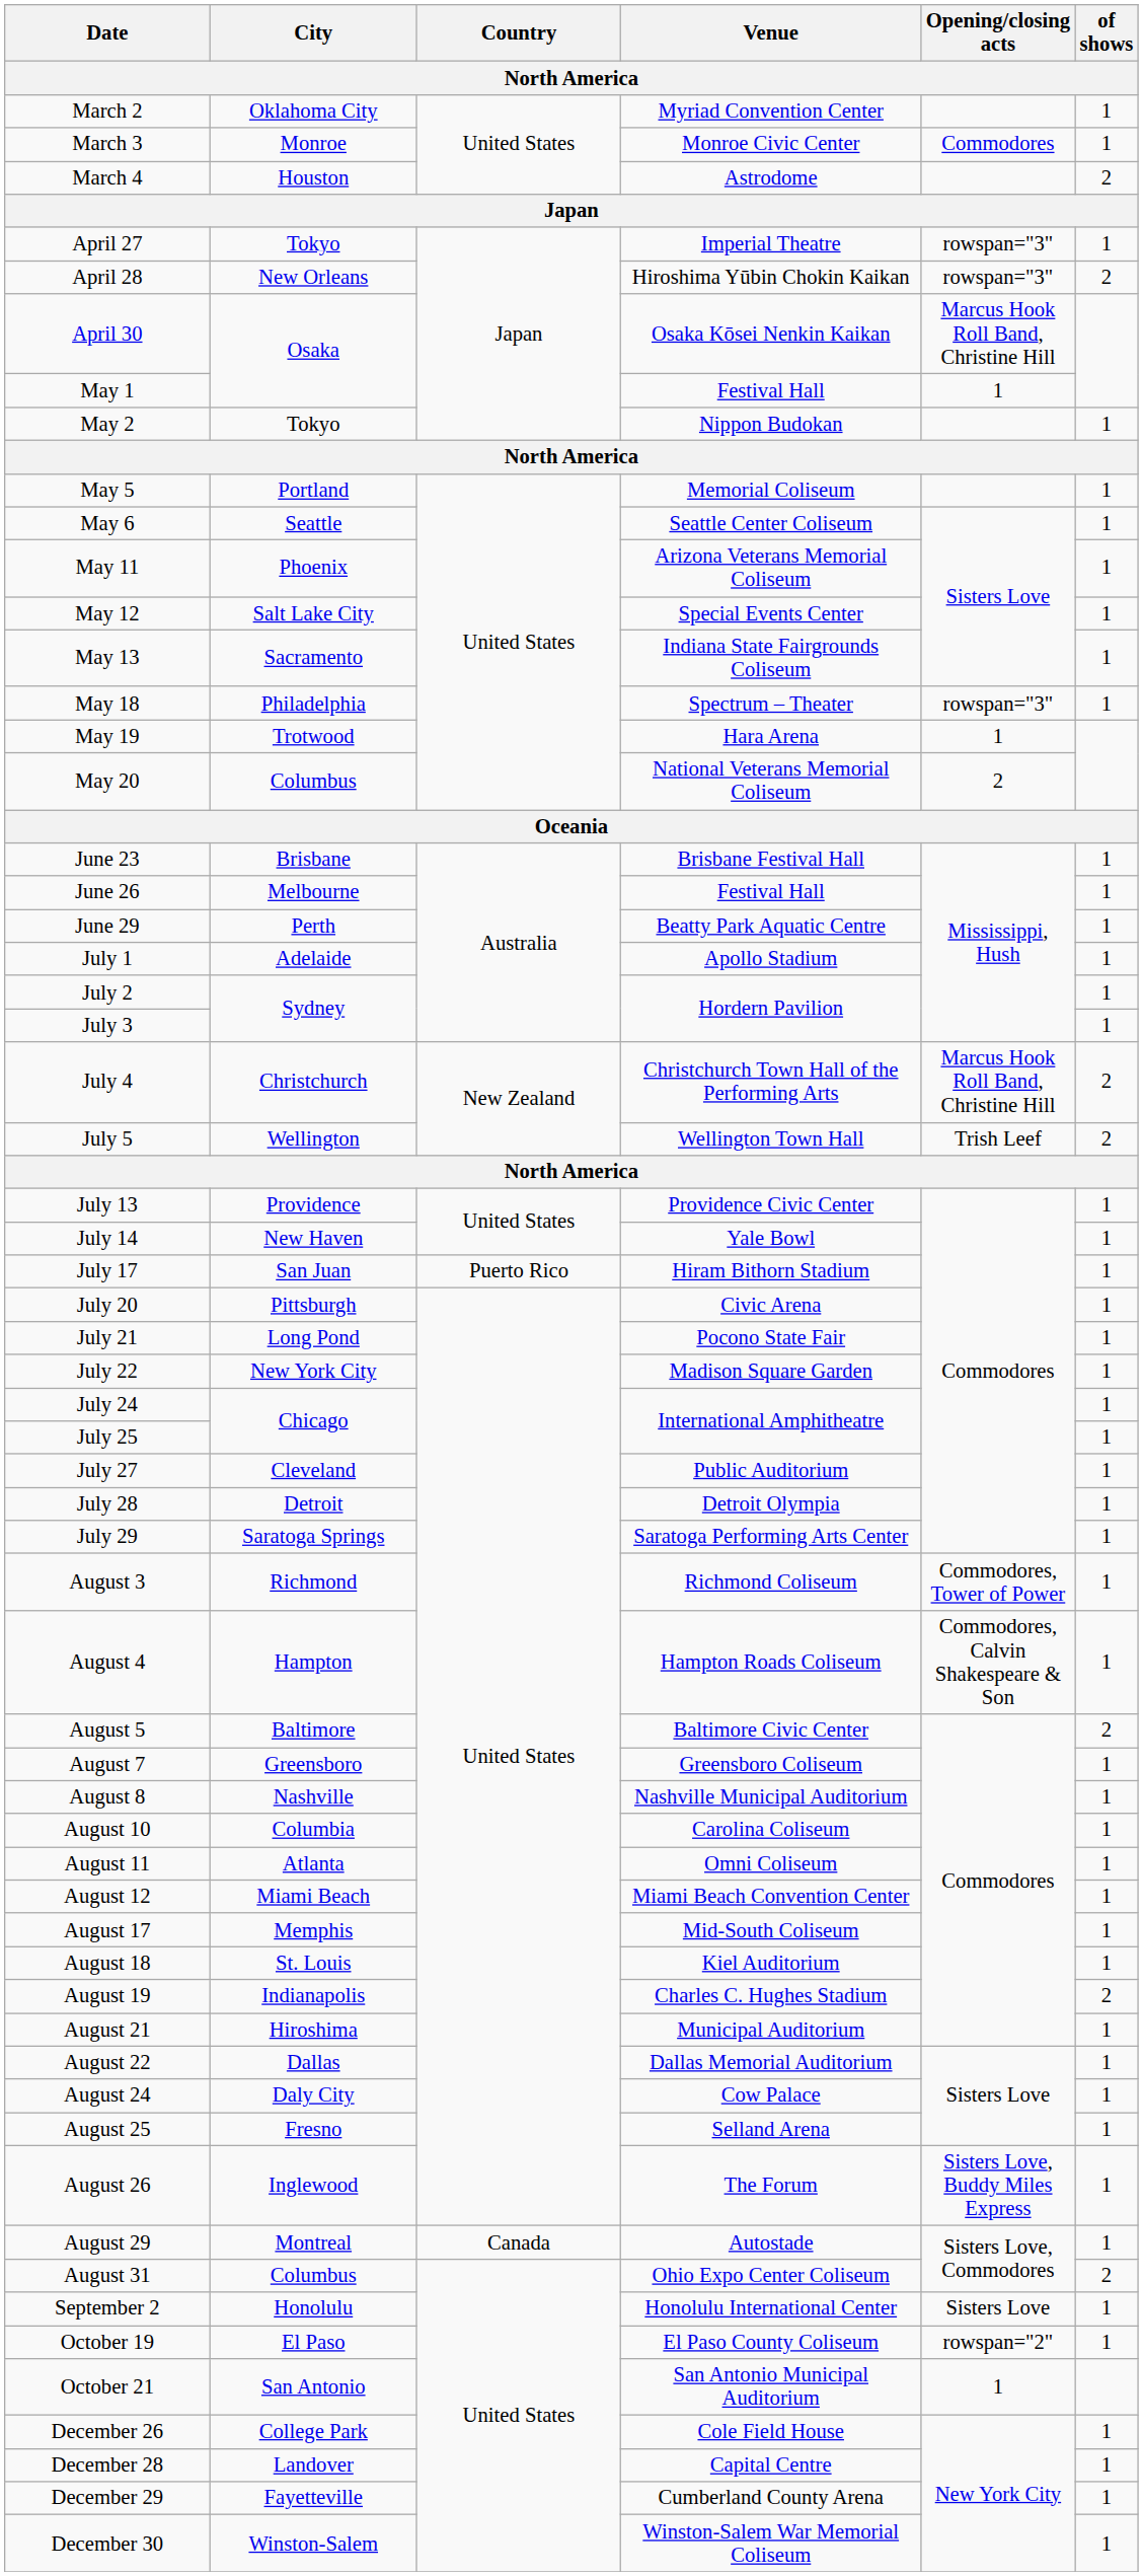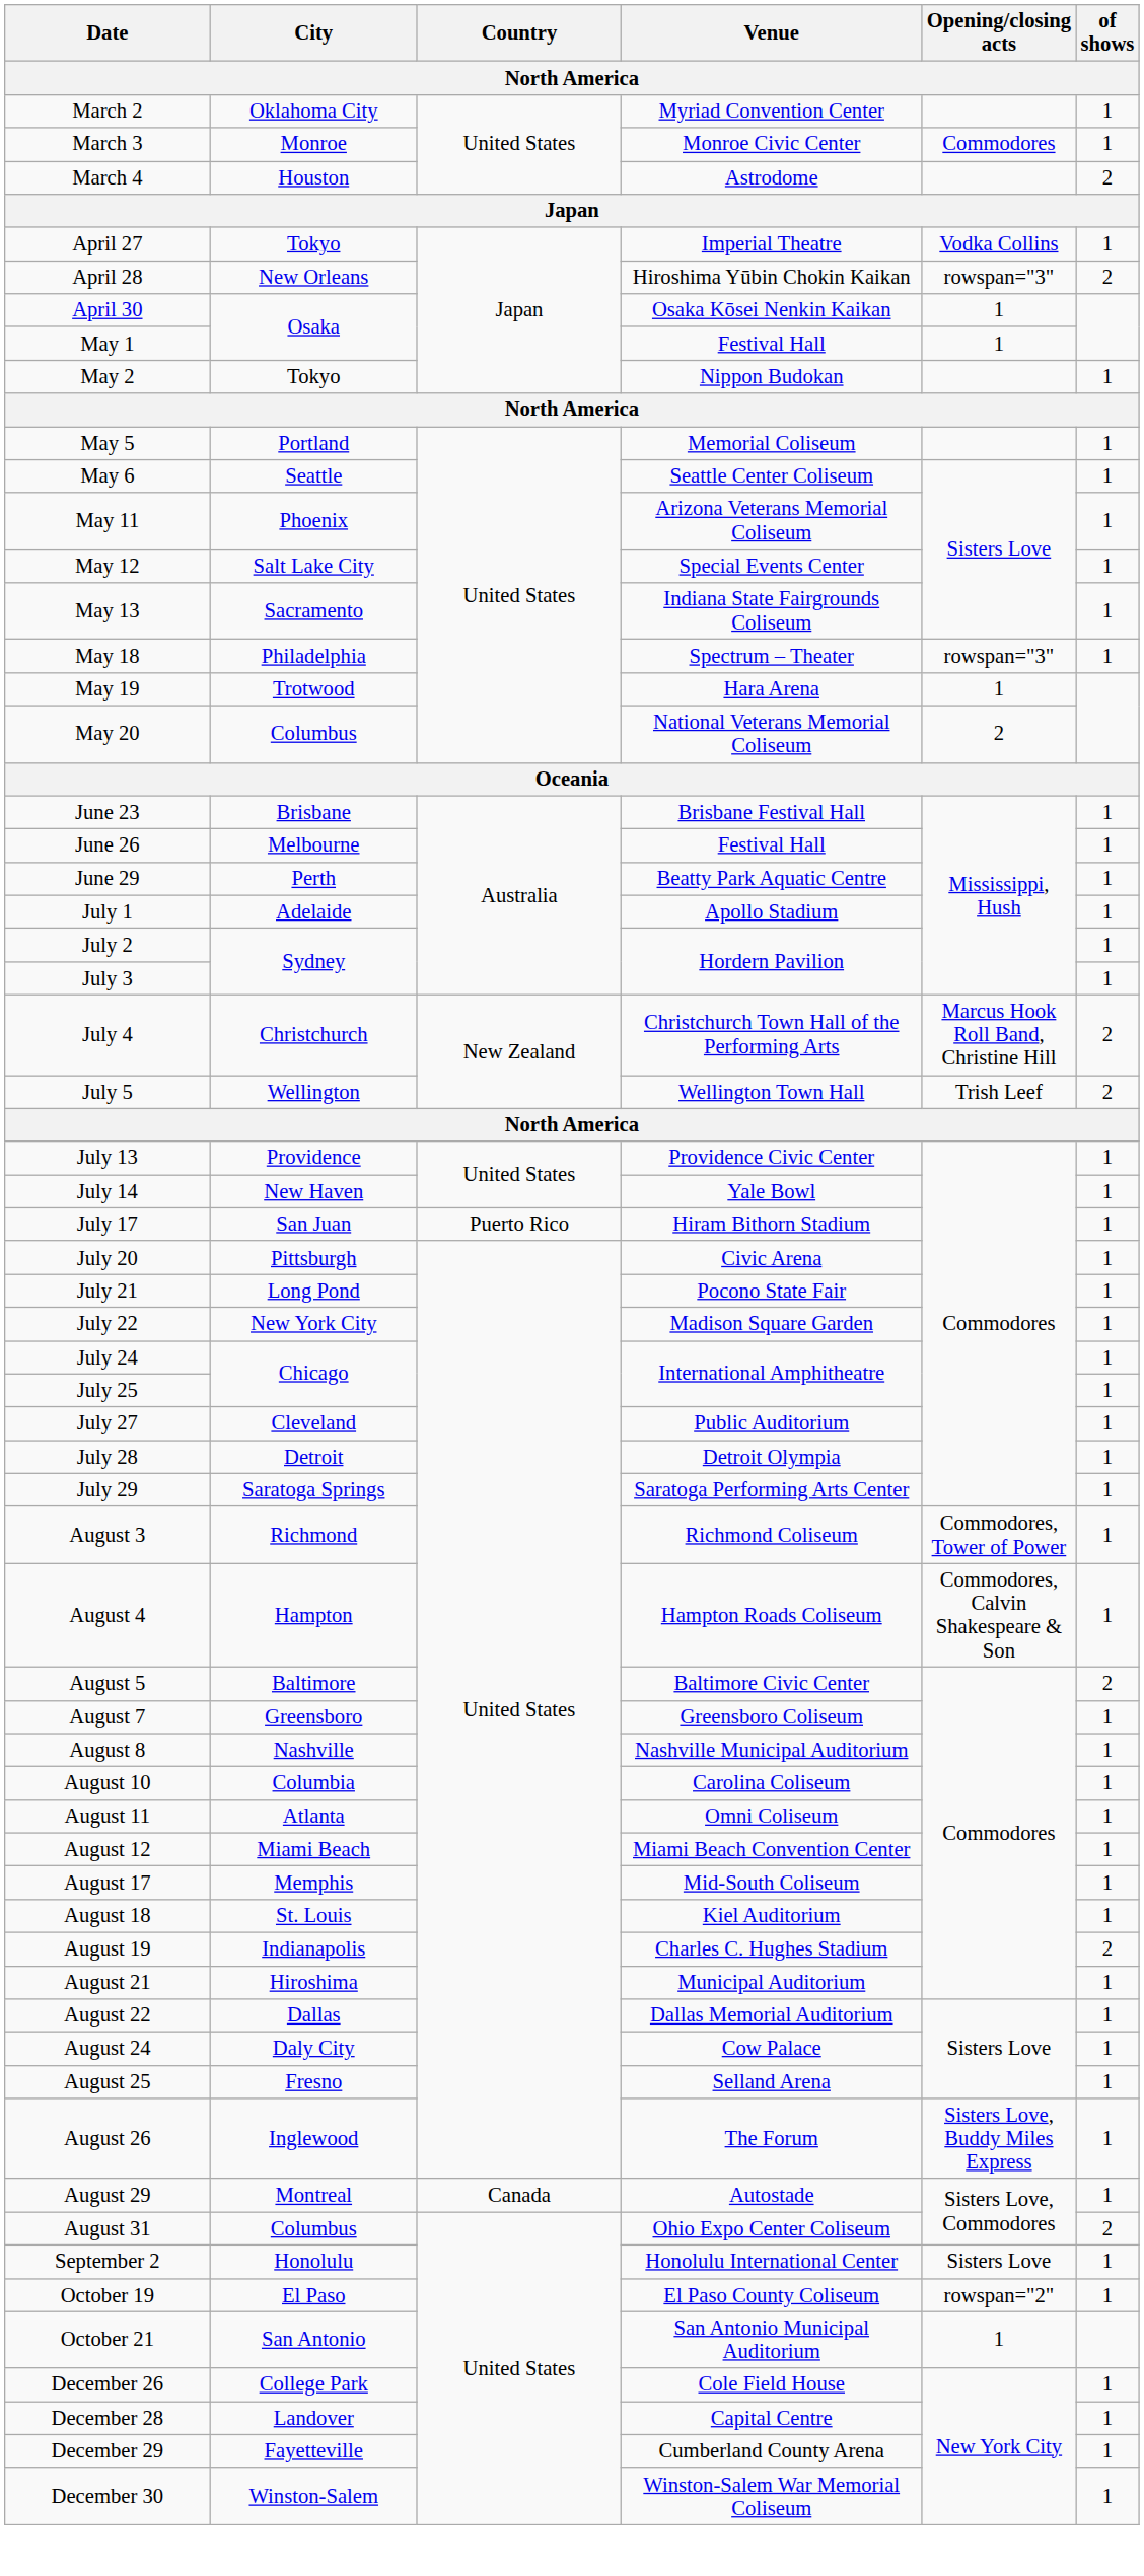 <table class="wikitable" style="text-align:center;">
 <tr>
 <th scope="col" style="width:10em;">Date</th>
 <th scope="col" style="width:10em;">City</th>
 <th scope="col" style="width:10em;">Country</th>
 <th scope="col" style="width:15em;">Venue</th>
 <th>Opening/closing acts</th>
 <th> of shows</th>
 </tr>
 <tr>
 <th colspan="6">North America</th>
 </tr>
 <tr>
 <td>March 2</td>
 <td><a href='#'>Oklahoma City</a></td>
 <td rowspan="3">United States</td>
 <td><a href='#'>Myriad Convention Center</a></td>
 <td></td>
 <td>1</td>
 </tr>
 <tr>
 <td>March 3</td>
 <td><a href='#'>Monroe</a></td>
 <td><a href='#'>Monroe Civic Center</a></td>
 <td><a href='#'>Commodores</a></td>
 <td>1</td>
 </tr>
 <tr>
 <td>March 4</td>
 <td><a href='#'>Houston</a></td>
 <td><a href='#'>Astrodome</a></td>
 <td></td>
 <td>2</td>
 </tr>
 <tr>
 <th colspan="6">Japan</th>
 </tr>
 <tr>
 <td>April 27</td>
 <td><a href='#'>Tokyo</a></td>
 <td rowspan="5">Japan</td>
 <td><a href='#'>Imperial Theatre</a></td>
-<td>rowspan="3" </td>
+<td><a href='#'>Vodka Collins</a></td>
 <td>1</td>
 </tr>
 <tr>
 <td>April 28</td>
 <td><a href='#'>New Orleans</a></td>
 <td>Hiroshima Yūbin Chokin Kaikan</td>
 <td>rowspan="3" </td>
 <td>2</td>
 </tr>
 <tr>
 <td><a href='#'>April 30</a></td>
 <td rowspan="2"><a href='#'>Osaka</a></td>
 <td><a href='#'>Osaka Kōsei Nenkin Kaikan</a></td>
-<td><a href='#'>Marcus Hook Roll Band</a>, Christine Hill</td>
+<td>1</td>
 </tr>
 <tr>
 <td>May 1</td>
 <td><a href='#'>Festival Hall</a></td>
 <td>1</td>
 </tr>
 <tr>
 <td>May 2</td>
 <td>Tokyo</td>
 <td><a href='#'>Nippon Budokan</a></td>
 <td></td>
 <td>1</td>
 </tr>
 <tr>
 <th colspan="6">North America</th>
 </tr>
 <tr>
 <td>May 5</td>
 <td><a href='#'>Portland</a></td>
 <td rowspan="8">United States</td>
 <td><a href='#'>Memorial Coliseum</a></td>
 <td></td>
 <td>1</td>
 </tr>
 <tr>
 <td>May 6</td>
 <td><a href='#'>Seattle</a></td>
 <td><a href='#'>Seattle Center Coliseum</a></td>
 <td rowspan="4"><a href='#'>Sisters Love</a></td>
 <td>1</td>
 </tr>
 <tr>
 <td>May 11</td>
 <td><a href='#'>Phoenix</a></td>
 <td><a href='#'>Arizona Veterans Memorial Coliseum</a></td>
 <td>1</td>
 </tr>
 <tr>
 <td>May 12</td>
 <td><a href='#'>Salt Lake City</a></td>
 <td><a href='#'>Special Events Center</a></td>
 <td>1</td>
 </tr>
 <tr>
 <td>May 13</td>
 <td><a href='#'>Sacramento</a></td>
 <td><a href='#'>Indiana State Fairgrounds Coliseum</a></td>
 <td>1</td>
 </tr>
 <tr>
 <td>May 18</td>
 <td><a href='#'>Philadelphia</a></td>
 <td><a href='#'>Spectrum – Theater</a></td>
 <td>rowspan="3" </td>
 <td>1</td>
 </tr>
 <tr>
 <td>May 19</td>
 <td><a href='#'>Trotwood</a></td>
 <td><a href='#'>Hara Arena</a></td>
 <td>1</td>
 </tr>
 <tr>
 <td>May 20</td>
 <td><a href='#'>Columbus</a></td>
 <td><a href='#'>National Veterans Memorial Coliseum</a></td>
 <td>2</td>
 </tr>
 <tr>
 <th colspan="6">Oceania</th>
 </tr>
 <tr>
 <td>June 23</td>
 <td><a href='#'>Brisbane</a></td>
 <td rowspan="6">Australia</td>
 <td><a href='#'>Brisbane Festival Hall</a></td>
 <td rowspan="6"><a href='#'>Mississippi</a>, <a href='#'>Hush</a></td>
 <td>1</td>
 </tr>
 <tr>
 <td>June 26</td>
 <td><a href='#'>Melbourne</a></td>
 <td><a href='#'>Festival Hall</a></td>
 <td>1</td>
 </tr>
 <tr>
 <td>June 29</td>
 <td><a href='#'>Perth</a></td>
 <td><a href='#'>Beatty Park Aquatic Centre</a></td>
 <td>1</td>
 </tr>
 <tr>
 <td>July 1</td>
 <td><a href='#'>Adelaide</a></td>
 <td><a href='#'>Apollo Stadium</a></td>
 <td>1</td>
 </tr>
 <tr>
 <td>July 2</td>
 <td rowspan="2"><a href='#'>Sydney</a></td>
 <td rowspan="2"><a href='#'>Hordern Pavilion</a></td>
 <td>1</td>
 </tr>
 <tr>
 <td>July 3</td>
 <td>1</td>
 </tr>
 <tr>
 <td>July 4</td>
 <td><a href='#'>Christchurch</a></td>
 <td rowspan="2">New Zealand</td>
 <td><a href='#'>Christchurch Town Hall of the Performing Arts</a></td>
 <td><a href='#'>Marcus Hook Roll Band</a>, Christine Hill</td>
 <td>2</td>
 </tr>
 <tr>
 <td>July 5</td>
 <td><a href='#'>Wellington</a></td>
 <td><a href='#'>Wellington Town Hall</a></td>
 <td>Trish Leef</td>
 <td>2</td>
 </tr>
 <tr>
 <th colspan="6">North America</th>
 </tr>
 <tr>
 <td>July 13</td>
 <td><a href='#'>Providence</a></td>
 <td rowspan="2">United States</td>
 <td><a href='#'>Providence Civic Center</a></td>
 <td rowspan="11">Commodores</td>
 <td>1</td>
 </tr>
 <tr>
 <td>July 14</td>
 <td><a href='#'>New Haven</a></td>
 <td><a href='#'>Yale Bowl</a></td>
 <td>1</td>
 </tr>
 <tr>
 <td>July 17</td>
 <td><a href='#'>San Juan</a></td>
 <td>Puerto Rico</td>
 <td><a href='#'>Hiram Bithorn Stadium</a></td>
 <td>1</td>
 </tr>
 <tr>
 <td>July 20</td>
 <td><a href='#'>Pittsburgh</a></td>
 <td rowspan="24">United States</td>
 <td><a href='#'>Civic Arena</a></td>
 <td>1</td>
 </tr>
 <tr>
 <td>July 21</td>
 <td><a href='#'>Long Pond</a></td>
 <td><a href='#'>Pocono State Fair</a></td>
 <td>1</td>
 </tr>
 <tr>
 <td>July 22</td>
 <td><a href='#'>New York City</a></td>
 <td><a href='#'>Madison Square Garden</a></td>
 <td>1</td>
 </tr>
 <tr>
 <td>July 24</td>
 <td rowspan="2"><a href='#'>Chicago</a></td>
 <td rowspan="2"><a href='#'>International Amphitheatre</a></td>
 <td>1</td>
 </tr>
 <tr>
 <td>July 25</td>
 <td>1</td>
 </tr>
 <tr>
 <td>July 27</td>
 <td><a href='#'>Cleveland</a></td>
 <td><a href='#'>Public Auditorium</a></td>
 <td>1</td>
 </tr>
 <tr>
 <td>July 28</td>
 <td><a href='#'>Detroit</a></td>
 <td><a href='#'>Detroit Olympia</a></td>
 <td>1</td>
 </tr>
 <tr>
 <td>July 29</td>
 <td><a href='#'>Saratoga Springs</a></td>
 <td><a href='#'>Saratoga Performing Arts Center</a></td>
 <td>1</td>
 </tr>
 <tr>
 <td>August 3</td>
 <td><a href='#'>Richmond</a></td>
 <td><a href='#'>Richmond Coliseum</a></td>
 <td>Commodores, <a href='#'>Tower of Power</a></td>
 <td>1</td>
 </tr>
 <tr>
 <td>August 4</td>
 <td><a href='#'>Hampton</a></td>
 <td><a href='#'>Hampton Roads Coliseum</a></td>
 <td>Commodores, Calvin Shakespeare & Son</td>
 <td>1</td>
 </tr>
 <tr>
 <td>August 5</td>
 <td><a href='#'>Baltimore</a></td>
 <td><a href='#'>Baltimore Civic Center</a></td>
 <td rowspan="10">Commodores</td>
 <td>2</td>
 </tr>
 <tr>
 <td>August 7</td>
 <td><a href='#'>Greensboro</a></td>
 <td><a href='#'>Greensboro Coliseum</a></td>
 <td>1</td>
 </tr>
 <tr>
 <td>August 8</td>
 <td><a href='#'>Nashville</a></td>
 <td><a href='#'>Nashville Municipal Auditorium</a></td>
 <td>1</td>
 </tr>
 <tr>
 <td>August 10</td>
 <td><a href='#'>Columbia</a></td>
 <td><a href='#'>Carolina Coliseum</a></td>
 <td>1</td>
 </tr>
 <tr>
 <td>August 11</td>
 <td><a href='#'>Atlanta</a></td>
 <td><a href='#'>Omni Coliseum</a></td>
 <td>1</td>
 </tr>
 <tr>
 <td>August 12</td>
 <td><a href='#'>Miami Beach</a></td>
 <td><a href='#'>Miami Beach Convention Center</a></td>
 <td>1</td>
 </tr>
 <tr>
 <td>August 17</td>
 <td><a href='#'>Memphis</a></td>
 <td><a href='#'>Mid-South Coliseum</a></td>
 <td>1</td>
 </tr>
 <tr>
 <td>August 18</td>
 <td><a href='#'>St. Louis</a></td>
 <td><a href='#'>Kiel Auditorium</a></td>
 <td>1</td>
 </tr>
 <tr>
 <td>August 19</td>
 <td><a href='#'>Indianapolis</a></td>
 <td><a href='#'>Charles C. Hughes Stadium</a></td>
 <td>2</td>
 </tr>
 <tr>
 <td>August 21</td>
 <td><a href='#'>Hiroshima</a></td>
 <td><a href='#'>Municipal Auditorium</a></td>
 <td>1</td>
 </tr>
 <tr>
 <td>August 22</td>
 <td><a href='#'>Dallas</a></td>
 <td><a href='#'>Dallas Memorial Auditorium</a></td>
 <td rowspan="3">Sisters Love</td>
 <td>1</td>
 </tr>
 <tr>
 <td>August 24</td>
 <td><a href='#'>Daly City</a></td>
 <td><a href='#'>Cow Palace</a></td>
 <td>1</td>
 </tr>
 <tr>
 <td>August 25</td>
 <td><a href='#'>Fresno</a></td>
 <td><a href='#'>Selland Arena</a></td>
 <td>1</td>
 </tr>
 <tr>
 <td>August 26</td>
 <td><a href='#'>Inglewood</a></td>
 <td><a href='#'>The Forum</a></td>
 <td><a href='#'>Sisters Love</a>, <a href='#'>Buddy Miles Express</a></td>
 <td>1</td>
 </tr>
 <tr>
 <td>August 29</td>
 <td><a href='#'>Montreal</a></td>
 <td>Canada</td>
 <td><a href='#'>Autostade</a></td>
 <td rowspan="2">Sisters Love, Commodores</td>
 <td>1</td>
 </tr>
 <tr>
 <td>August 31</td>
 <td><a href='#'>Columbus</a></td>
 <td rowspan="9">United States</td>
 <td><a href='#'>Ohio Expo Center Coliseum</a></td>
 <td>2</td>
 </tr>
 <tr>
 <td>September 2</td>
 <td><a href='#'>Honolulu</a></td>
 <td><a href='#'>Honolulu International Center</a></td>
 <td>Sisters Love</td>
 <td>1</td>
 </tr>
 <tr>
 <td>October 19</td>
 <td><a href='#'>El Paso</a></td>
 <td><a href='#'>El Paso County Coliseum</a></td>
 <td>rowspan="2" </td>
 <td>1</td>
 </tr>
 <tr>
 <td>October 21</td>
 <td><a href='#'>San Antonio</a></td>
 <td><a href='#'>San Antonio Municipal Auditorium</a></td>
 <td>1</td>
 </tr>
 <tr>
 <td>December 26</td>
 <td><a href='#'>College Park</a></td>
 <td><a href='#'>Cole Field House</a></td>
 <td rowspan="4"><a href='#'>New York City</a></td>
 <td>1</td>
 </tr>
 <tr>
 <td>December 28</td>
 <td><a href='#'>Landover</a></td>
 <td><a href='#'>Capital Centre</a></td>
 <td>1</td>
 </tr>
 <tr>
 <td>December 29</td>
 <td><a href='#'>Fayetteville</a></td>
 <td>Cumberland County Arena</td>
 <td>1</td>
 </tr>
 <tr>
 <td>December 30</td>
 <td><a href='#'>Winston-Salem</a></td>
 <td><a href='#'>Winston-Salem War Memorial Coliseum</a></td>
 <td>1</td>
 </tr>
 </table>
